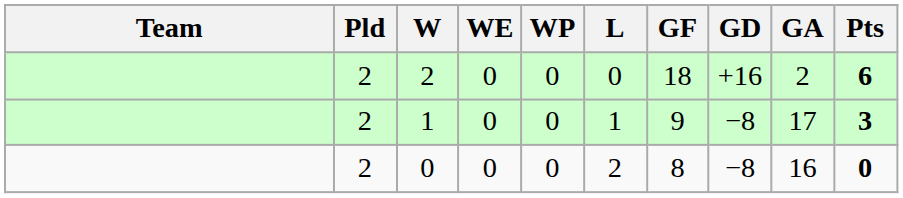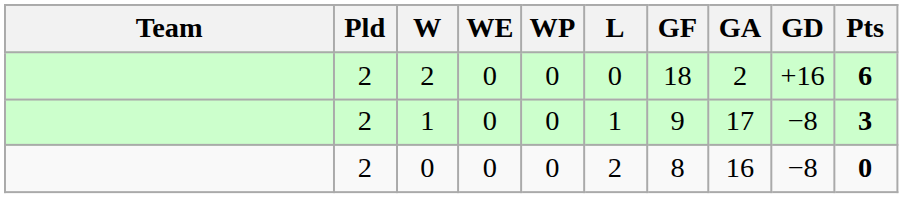 <table class="wikitable" style="text-align: center; font-size:90% ">
 <tr>
 <th width=160>Team</th>
 <th width=25>Pld</th>
 <th width=25>W</th>
 <th width=25>WE</th>
 <th width=25>WP</th>
 <th width=25>L</th>
 <th width=25>GF</th>
+<th width=25>GA</th>
 <th width=25>GD</th>
-<th width=25>GA</th>
 <th width=25>Pts</th>
 </tr>
 <tr bgcolor=ccffcc>
 <td align=left></td>
 <td>2</td>
 <td>2</td>
 <td>0</td>
 <td>0</td>
 <td>0</td>
 <td>18</td>
+<td>2</td>
 <td>+16</td>
-<td>2</td>
 <td><strong>6</strong></td>
 </tr>
 <tr bgcolor=ccffcc>
 <td align=left></td>
 <td>2</td>
 <td>1</td>
 <td>0</td>
 <td>0</td>
 <td>1</td>
 <td>9</td>
+<td>17</td>
 <td>−8</td>
-<td>17</td>
 <td><strong>3</strong></td>
 </tr>
 <tr>
 <td align=left></td>
 <td>2</td>
 <td>0</td>
 <td>0</td>
 <td>0</td>
 <td>2</td>
 <td>8</td>
+<td>16</td>
 <td>−8</td>
-<td>16</td>
 <td><strong>0</strong></td>
 </tr>
 </table>
